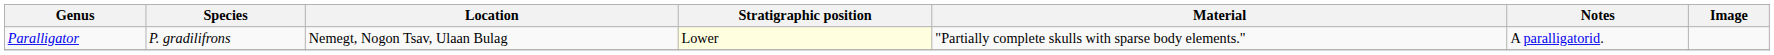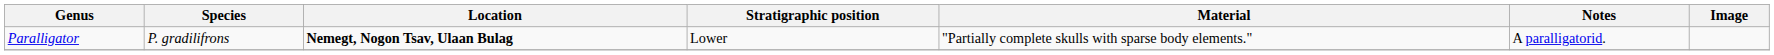 <table class="wikitable" align="center" width="100%">
 <tr>
 <th>Genus</th>
 <th>Species</th>
 <th>Location</th>
 <th>Stratigraphic position</th>
 <th>Material</th>
 <th>Notes</th>
 <th>Image</th>
 </tr>
 <tr>
 <td><em><a href='#'>Paralligator</a></em></td>
 <td><em>P. gradilifrons</em></td>
-<td>Nemegt, Nogon Tsav, Ulaan Bulag</td>
-<td style="background: lightyellow;">Lower</td>
+<td><strong>Nemegt, Nogon Tsav, Ulaan Bulag</strong></td>
+<td>Lower</td>
 <td>"Partially complete skulls with sparse body elements."</td>
 <td>A <a href='#'>paralligatorid</a>.</td>
 <td></td>
 </tr>
 <tr>
 </tr>
 </table>
